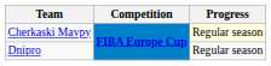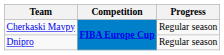 <table class="wikitable sortable">
 <tr>
 <th>Team</th>
 <th>Competition</th>
 <th>Progress</th>
 </tr>
 <tr>
 <td><a href='#'>Cherkaski Mavpy</a></td>
 <td rowspan=2 style="background-color:#0080C8;color:white;text-align:center"><strong><a href='#'><span>FIBA Europe Cup</span></a></strong></td>
-<td style="background: lightyellow;">Regular season</td>
+<td>Regular season</td>
 </tr>
 <tr>
 <td><a href='#'>Dnipro</a></td>
 <td>Regular season</td>
 </tr>
 </table>
